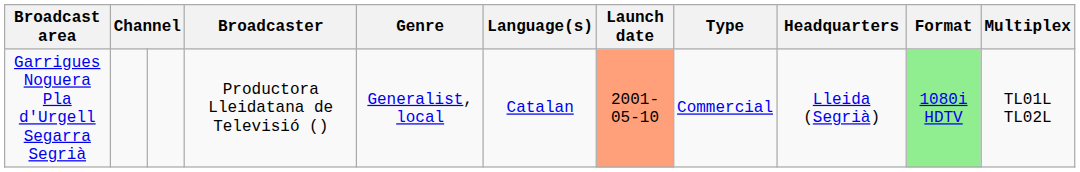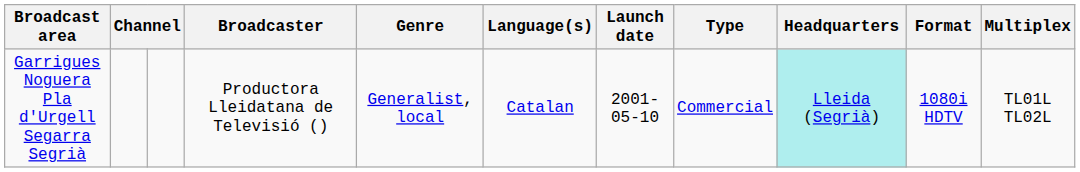 <table class="wikitable toccolours" border="1" cellpadding="3" style="border-collapse:collapse; text-align:center">
 <tr>
 <th>Broadcast area</th>
 <th colspan="2"><strong>Channel</strong></th>
 <th>Broadcaster</th>
 <th>Genre</th>
 <th>Language(s)</th>
 <th>Launch date</th>
 <th>Type</th>
 <th>Headquarters</th>
 <th>Format</th>
 <th>Multiplex</th>
 </tr>
 <tr>
 <td><a href='#'>Garrigues</a><br><a href='#'>Noguera</a><br><a href='#'>Pla d'Urgell</a><br><a href='#'>Segarra</a><br><a href='#'>Segrià</a></td>
 <td></td>
 <td></td>
 <td>Productora Lleidatana de Televisió ()</td>
 <td><a href='#'>Generalist</a>, <a href='#'>local</a></td>
 <td><a href='#'>Catalan</a></td>
-<td style="background: lightsalmon;">2001-05-10</td>
+<td>2001-05-10</td>
 <td><a href='#'>Commercial</a></td>
-<td><a href='#'>Lleida</a> (<a href='#'>Segrià</a>)</td>
-<td style="background: lightgreen;"><a href='#'>1080i</a> <a href='#'>HDTV</a></td>
+<td style="background: paleturquoise;"><a href='#'>Lleida</a> (<a href='#'>Segrià</a>)</td>
+<td><a href='#'>1080i</a> <a href='#'>HDTV</a></td>
 <td>TL01L<br>TL02L</td>
 </tr>
 </table>
